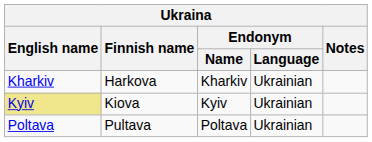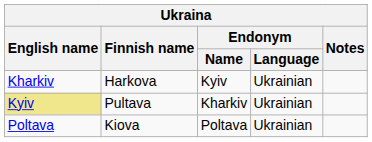 <table class="wikitable sortable">
 <tr>
 <th colspan="5"> Ukraina</th>
 </tr>
 <tr>
 <th rowspan="2">English name</th>
 <th rowspan="2">Finnish name</th>
 <th colspan="2">Endonym</th>
 <th rowspan="2">Notes</th>
 </tr>
 <tr>
 <th>Name</th>
 <th>Language</th>
 </tr>
 <tr>
 <td><a href='#'>Kharkiv</a></td>
 <td>Harkova</td>
+<td>Kyiv</td>
+<td>Ukrainian</td>
+<td></td>
+</tr>
+<tr>
+<td style="background: khaki;"><a href='#'>Kyiv</a></td>
+<td>Pultava</td>
 <td>Kharkiv</td>
 <td>Ukrainian</td>
 <td></td>
 </tr>
 <tr>
-<td style="background: khaki;"><a href='#'>Kyiv</a></td>
+<td><a href='#'>Poltava</a></td>
 <td>Kiova</td>
-<td>Kyiv</td>
-<td>Ukrainian</td>
-<td></td>
-</tr>
-<tr>
-<td><a href='#'>Poltava</a></td>
-<td>Pultava</td>
 <td>Poltava</td>
 <td>Ukrainian</td>
 <td></td>
 </tr>
 </table>
